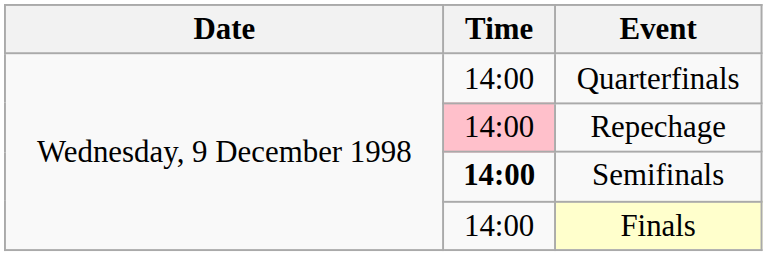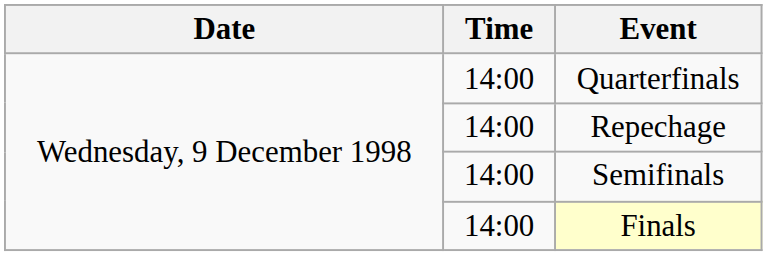 <table class = "wikitable" style="text-align:center;">
 <tr>
 <th width=220>Date</th>
 <th width=50>Time</th>
 <th width=100>Event</th>
 </tr>
 <tr>
 <td rowspan=4>Wednesday, 9 December 1998</td>
 <td>14:00</td>
 <td>Quarterfinals</td>
 </tr>
 <tr>
-<td style="background: pink;">14:00</td>
+<td>14:00</td>
 <td>Repechage</td>
 </tr>
 <tr>
-<td><strong>14:00</strong></td>
+<td>14:00</td>
 <td>Semifinals</td>
 </tr>
 <tr>
 <td>14:00</td>
 <td bgcolor=ffffcc>Finals</td>
 </tr>
 </table>
